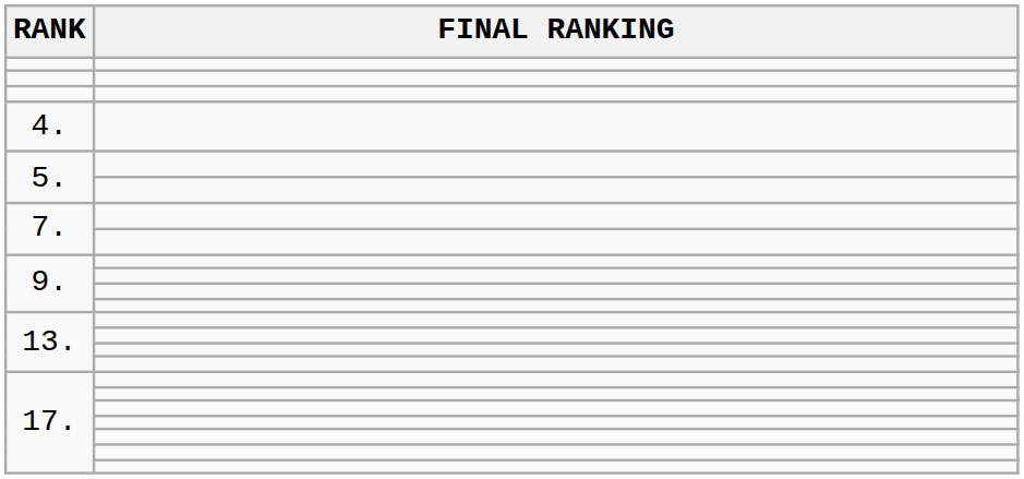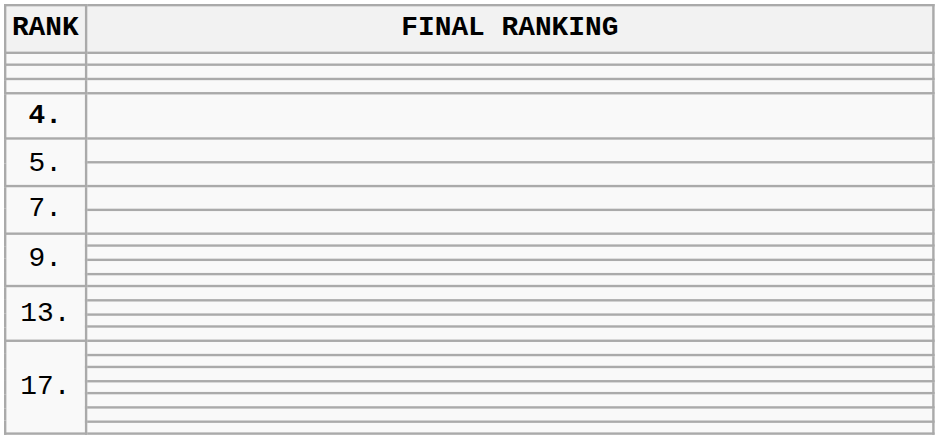 <table class="wikitable" style="border-collapse: collapse; font-size: 90%;">
 <tr>
 <th>RANK</th>
 <th style="width: 30em">FINAL RANKING</th>
 </tr>
 <tr>
 <td align="center"></td>
 <td></td>
 </tr>
 <tr>
 <td align="center"></td>
 <td></td>
 </tr>
 <tr>
 <td align="center"></td>
 <td></td>
 </tr>
 <tr>
-<td align="center">4.</td>
+<td align="center"><strong>4.</strong></td>
 <td></td>
 </tr>
 <tr>
 <td rowspan=2 align="center">5.</td>
 <td></td>
 </tr>
 <tr>
 <td></td>
 </tr>
 <tr>
 <td rowspan=2 align="center">7.</td>
 <td></td>
 </tr>
 <tr>
 <td></td>
 </tr>
 <tr>
 <td rowspan=4 align="center">9.</td>
 <td></td>
 </tr>
 <tr>
 <td></td>
 </tr>
 <tr>
 <td></td>
 </tr>
 <tr>
 <td></td>
 </tr>
 <tr>
 <td rowspan=4 align="center">13.</td>
 <td></td>
 </tr>
 <tr>
 <td></td>
 </tr>
 <tr>
 <td></td>
 </tr>
 <tr>
 <td></td>
 </tr>
 <tr>
 <td rowspan=7 align="center">17.</td>
 <td></td>
 </tr>
 <tr>
 <td></td>
 </tr>
 <tr>
 <td></td>
 </tr>
 <tr>
 <td></td>
 </tr>
 <tr>
 <td></td>
 </tr>
 <tr>
 <td></td>
 </tr>
 <tr>
 <td></td>
 </tr>
 </table>
